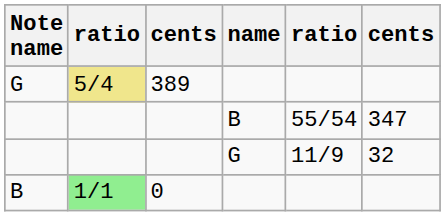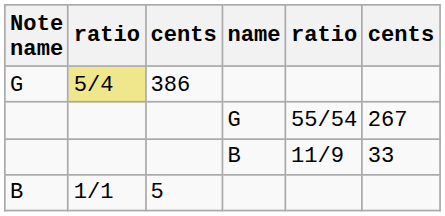 <table class="wikitable">
 <tr>
 <th>Note<br>name</th>
 <th>ratio</th>
 <th>cents</th>
 <th>name</th>
 <th>ratio</th>
 <th>cents</th>
 </tr>
 <tr>
 <td>G</td>
 <td style="background: khaki;">5/4</td>
-<td>389</td>
+<td>386</td>
 <td></td>
 <td></td>
 <td></td>
 </tr>
 <tr>
 <td></td>
 <td></td>
 <td></td>
-<td>B</td>
+<td>G</td>
 <td>55/54</td>
-<td>347</td>
+<td>267</td>
 </tr>
 <tr>
 <td></td>
 <td></td>
 <td></td>
-<td>G</td>
+<td>B</td>
 <td>11/9</td>
-<td>32</td>
+<td>33</td>
 </tr>
 <tr>
 <td>B</td>
-<td style="background: lightgreen;">1/1</td>
-<td>0</td>
+<td>1/1</td>
+<td>5</td>
 <td></td>
 <td></td>
 <td></td>
 </tr>
 </table>
